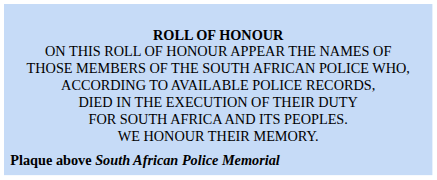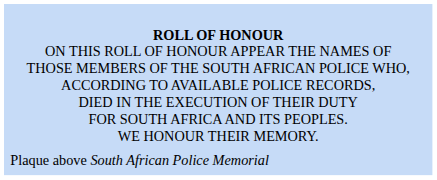 <table class="toccolours" style="margin-left: 0em; margin-right: 1em; font-size: 85%; background:#c6dbf7; color:black; width:30em; max-width:50%" cellspacing="5">
 <tr>
 <td style="text-align:center;"><br><strong>ROLL OF HONOUR</strong><br> ON THIS ROLL OF HONOUR APPEAR THE NAMES OF<br> THOSE MEMBERS OF THE SOUTH AFRICAN POLICE WHO,<br> ACCORDING TO AVAILABLE POLICE RECORDS,<br> DIED IN THE EXECUTION OF THEIR DUTY<br> FOR SOUTH AFRICA AND ITS PEOPLES.<br> WE HONOUR THEIR MEMORY.</td>
 </tr>
 <tr>
-<td><strong>Plaque above <em>South African Police Memorial</em></strong></td>
+<td>Plaque above <em>South African Police Memorial</em></td>
 </tr>
 </table>
